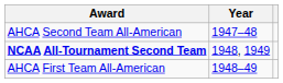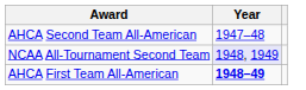 <table class="wikitable">
 <tr>
 <th>Award</th>
 <th>Year</th>
 <th></th>
 </tr>
 <tr>
 <td><a href='#'>AHCA</a> <a href='#'>Second Team All-American</a></td>
 <td><a href='#'>1947–48</a></td>
 <td></td>
 </tr>
 <tr>
-<td><strong><a href='#'>NCAA</a> <a href='#'>All-Tournament Second Team</a></strong></td>
-<td><a href='#'>1948</a>, <a href='#'>1949</a></td>
+<td><a href='#'>NCAA</a> <a href='#'>All-Tournament Second Team</a></td>
+<td style="background: lavender;"><a href='#'>1948</a>, <a href='#'>1949</a></td>
 <td></td>
 </tr>
 <tr>
 <td><a href='#'>AHCA</a> <a href='#'>First Team All-American</a></td>
-<td><a href='#'>1948–49</a></td>
+<td><strong><a href='#'>1948–49</a></strong></td>
 <td></td>
 </tr>
 </table>
